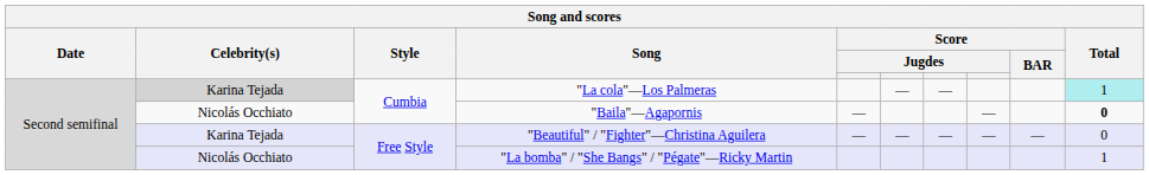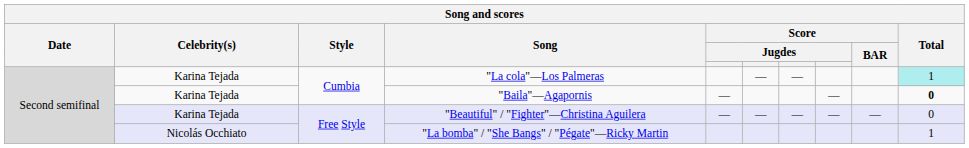 <table class="wikitable collapsible collapsed" style="font-size:95%; text-align: center; width: 100%;">
 <tr>
 <th colspan="11" style="with: 100%;" align=center>Song and scores</th>
 </tr>
 <tr>
 <th rowspan="3" width="105">Date</th>
 <th rowspan="3" width="180">Celebrity(s)</th>
 <th rowspan="3" width="80">Style</th>
 <th rowspan="3" width="320">Song</th>
 <th colspan="5">Score</th>
 <th rowspan="3" width="60">Total</th>
 </tr>
 <tr>
 <th colspan="4">Jugdes</th>
 <th rowspan="2" width=40>BAR<br></th>
 </tr>
 <tr>
 <th width=30></th>
 <th width=30></th>
 <th width=30></th>
 <th width=30></th>
 </tr>
 <tr>
 <td rowspan="4" style=" background:#d8d8d8">Second semifinal<br></td>
-<td style="background: lightgrey;">Karina Tejada</td>
+<td>Karina Tejada</td>
 <td rowspan="2"><a href='#'>Cumbia</a></td>
 <td>"<a href='#'>La cola</a>"—<a href='#'>Los Palmeras</a></td>
 <td></td>
 <td>—</td>
 <td>—</td>
 <td></td>
 <td> </td>
 <td style="background: paleturquoise;">1</td>
 </tr>
 <tr>
-<td>Nicolás Occhiato</td>
+<td>Karina Tejada</td>
 <td>"<a href='#'>Baila</a>"—<a href='#'>Agapornis</a></td>
 <td>—</td>
 <td></td>
 <td></td>
 <td>—</td>
 <td> </td>
 <td><strong>0</strong></td>
 </tr>
 <tr style="background:lavender;">
 <td>Karina Tejada</td>
 <td rowspan="2"><a href='#'>Free</a> <a href='#'>Style</a></td>
 <td>"<a href='#'>Beautiful</a>" / "<a href='#'>Fighter</a>"—<a href='#'>Christina Aguilera</a></td>
 <td>—</td>
 <td>—</td>
 <td>—</td>
 <td>—</td>
 <td>—</td>
 <td>0</td>
 </tr>
 <tr style="background:lavender;">
 <td>Nicolás Occhiato</td>
 <td>"<a href='#'>La bomba</a>" / "<a href='#'>She Bangs</a>" / "<a href='#'>Pégate</a>"—<a href='#'>Ricky Martin</a></td>
 <td></td>
 <td></td>
 <td></td>
 <td></td>
 <td> </td>
 <td>1</td>
 </tr>
 </table>
